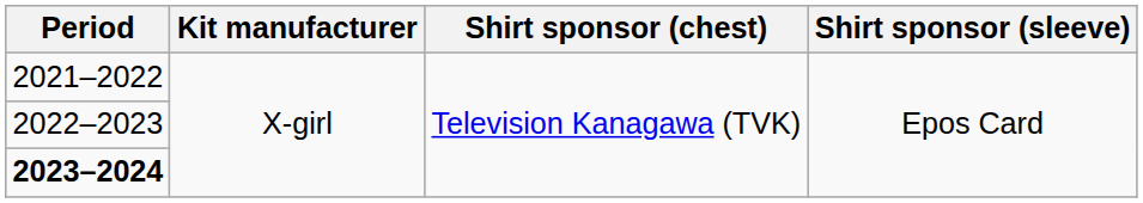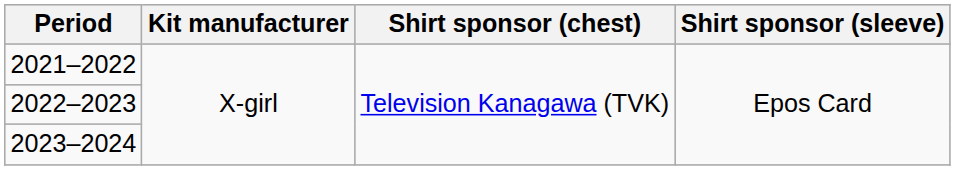 <table class="wikitable" style="text-align:center">
 <tr>
 <th>Period</th>
 <th>Kit manufacturer</th>
 <th>Shirt sponsor (chest)</th>
 <th>Shirt sponsor (sleeve)</th>
 </tr>
 <tr>
 <td>2021–2022</td>
 <td rowspan="3">X-girl</td>
 <td rowspan="3"><a href='#'>Television Kanagawa</a> (TVK)</td>
 <td rowspan="3">Epos Card</td>
 </tr>
 <tr>
 <td>2022–2023</td>
 </tr>
 <tr>
-<td><strong>2023–2024</strong></td>
+<td>2023–2024</td>
 </tr>
 </table>
